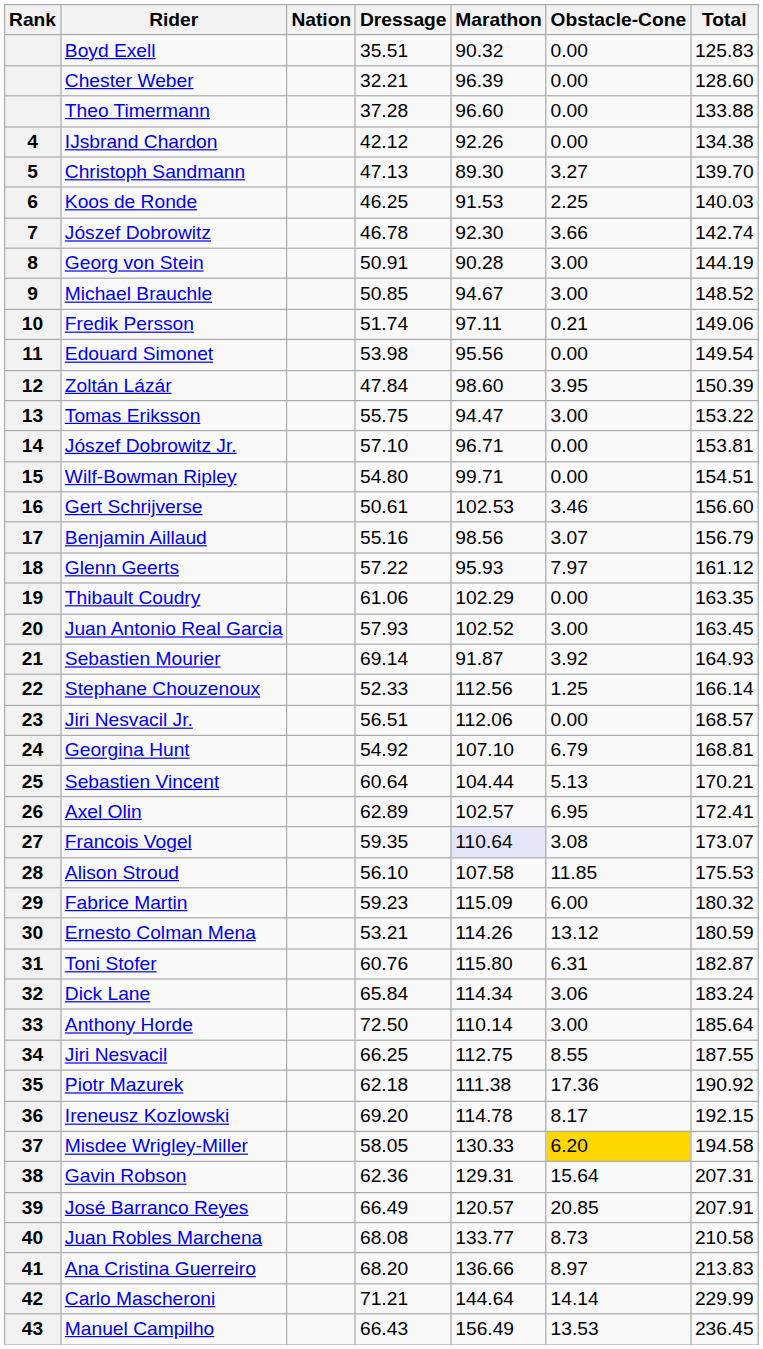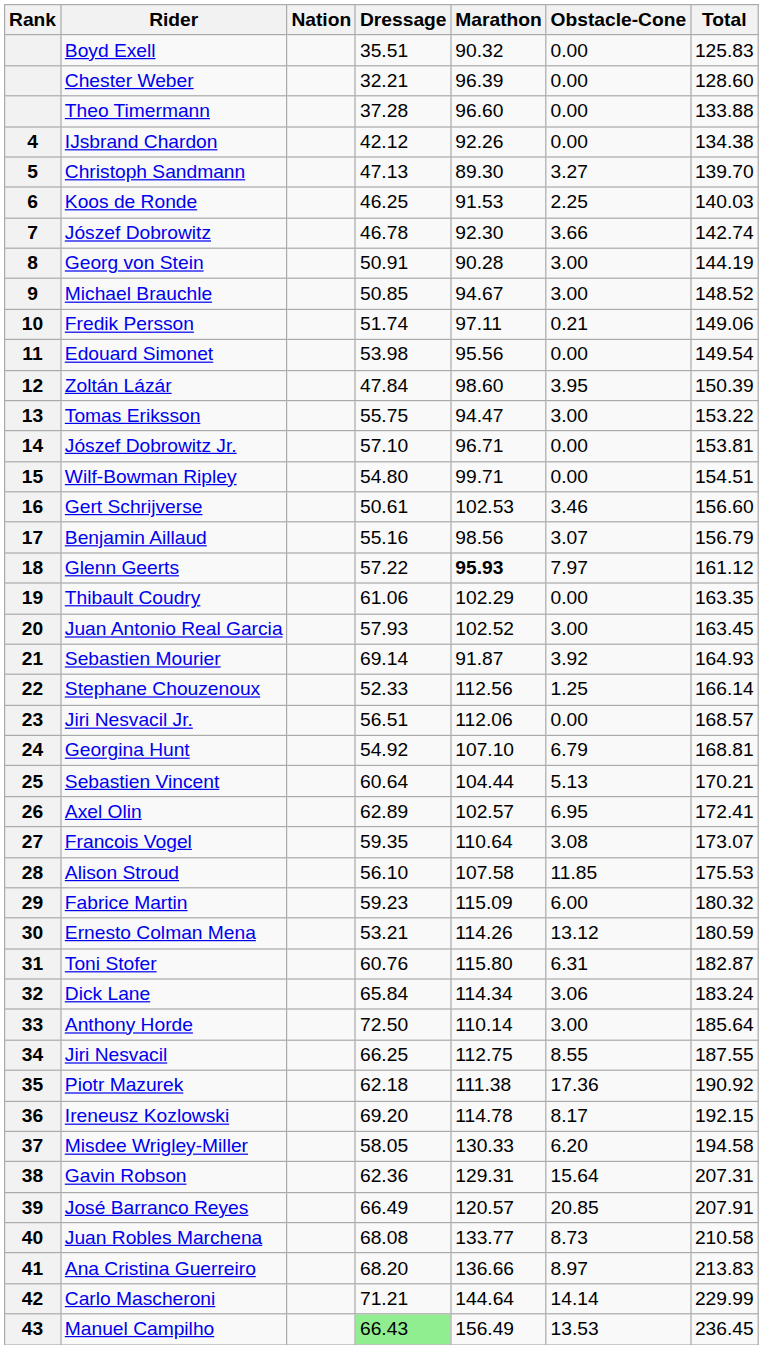 <table class="wikitable sortable">
 <tr>
 <th>Rank</th>
 <th>Rider</th>
 <th>Nation</th>
 <th>Dressage</th>
 <th>Marathon</th>
 <th>Obstacle-Cone</th>
 <th>Total</th>
 </tr>
 <tr>
 <th></th>
 <td><a href='#'>Boyd Exell</a></td>
 <td></td>
 <td>35.51</td>
 <td>90.32</td>
 <td>0.00</td>
 <td>125.83</td>
 </tr>
 <tr>
 <th></th>
 <td><a href='#'>Chester Weber</a></td>
 <td></td>
 <td>32.21</td>
 <td>96.39</td>
 <td>0.00</td>
 <td>128.60</td>
 </tr>
 <tr>
 <th></th>
 <td><a href='#'>Theo Timermann</a></td>
 <td></td>
 <td>37.28</td>
 <td>96.60</td>
 <td>0.00</td>
 <td>133.88</td>
 </tr>
 <tr>
 <th>4</th>
 <td><a href='#'>IJsbrand Chardon</a></td>
 <td></td>
 <td>42.12</td>
 <td>92.26</td>
 <td>0.00</td>
 <td>134.38</td>
 </tr>
 <tr>
 <th>5</th>
 <td><a href='#'>Christoph Sandmann</a></td>
 <td></td>
 <td>47.13</td>
 <td>89.30</td>
 <td>3.27</td>
 <td>139.70</td>
 </tr>
 <tr>
 <th>6</th>
 <td><a href='#'>Koos de Ronde</a></td>
 <td></td>
 <td>46.25</td>
 <td>91.53</td>
 <td>2.25</td>
 <td>140.03</td>
 </tr>
 <tr>
 <th>7</th>
 <td><a href='#'>Jószef Dobrowitz</a></td>
 <td></td>
 <td>46.78</td>
 <td>92.30</td>
 <td>3.66</td>
 <td>142.74</td>
 </tr>
 <tr>
 <th>8</th>
 <td><a href='#'>Georg von Stein</a></td>
 <td></td>
 <td>50.91</td>
 <td>90.28</td>
 <td>3.00</td>
 <td>144.19</td>
 </tr>
 <tr>
 <th>9</th>
 <td><a href='#'>Michael Brauchle</a></td>
 <td></td>
 <td>50.85</td>
 <td>94.67</td>
 <td>3.00</td>
 <td>148.52</td>
 </tr>
 <tr>
 <th>10</th>
 <td><a href='#'>Fredik Persson</a></td>
 <td></td>
 <td>51.74</td>
 <td>97.11</td>
 <td>0.21</td>
 <td>149.06</td>
 </tr>
 <tr>
 <th>11</th>
 <td><a href='#'>Edouard Simonet</a></td>
 <td></td>
 <td>53.98</td>
 <td>95.56</td>
 <td>0.00</td>
 <td>149.54</td>
 </tr>
 <tr>
 <th>12</th>
 <td><a href='#'>Zoltán Lázár</a></td>
 <td></td>
 <td>47.84</td>
 <td>98.60</td>
 <td>3.95</td>
 <td>150.39</td>
 </tr>
 <tr>
 <th>13</th>
 <td><a href='#'>Tomas Eriksson</a></td>
 <td></td>
 <td>55.75</td>
 <td>94.47</td>
 <td>3.00</td>
 <td>153.22</td>
 </tr>
 <tr>
 <th>14</th>
 <td><a href='#'>Jószef Dobrowitz Jr.</a></td>
 <td></td>
 <td>57.10</td>
 <td>96.71</td>
 <td>0.00</td>
 <td>153.81</td>
 </tr>
 <tr>
 <th>15</th>
 <td><a href='#'>Wilf-Bowman Ripley</a></td>
 <td></td>
 <td>54.80</td>
 <td>99.71</td>
 <td>0.00</td>
 <td>154.51</td>
 </tr>
 <tr>
 <th>16</th>
 <td><a href='#'>Gert Schrijverse</a></td>
 <td></td>
 <td>50.61</td>
 <td>102.53</td>
 <td>3.46</td>
 <td>156.60</td>
 </tr>
 <tr>
 <th>17</th>
 <td><a href='#'>Benjamin Aillaud</a></td>
 <td></td>
 <td>55.16</td>
 <td>98.56</td>
 <td>3.07</td>
 <td>156.79</td>
 </tr>
 <tr>
 <th>18</th>
 <td><a href='#'>Glenn Geerts</a></td>
 <td></td>
 <td>57.22</td>
-<td>95.93</td>
+<td><strong>95.93</strong></td>
 <td>7.97</td>
 <td>161.12</td>
 </tr>
 <tr>
 <th>19</th>
 <td><a href='#'>Thibault Coudry</a></td>
 <td></td>
 <td>61.06</td>
 <td>102.29</td>
 <td>0.00</td>
 <td>163.35</td>
 </tr>
 <tr>
 <th>20</th>
 <td><a href='#'>Juan Antonio Real Garcia</a></td>
 <td></td>
 <td>57.93</td>
 <td>102.52</td>
 <td>3.00</td>
 <td>163.45</td>
 </tr>
 <tr>
 <th>21</th>
 <td><a href='#'>Sebastien Mourier</a></td>
 <td></td>
 <td>69.14</td>
 <td>91.87</td>
 <td>3.92</td>
 <td>164.93</td>
 </tr>
 <tr>
 <th>22</th>
 <td><a href='#'>Stephane Chouzenoux</a></td>
 <td></td>
 <td>52.33</td>
 <td>112.56</td>
 <td>1.25</td>
 <td>166.14</td>
 </tr>
 <tr>
 <th>23</th>
 <td><a href='#'>Jiri Nesvacil Jr.</a></td>
 <td></td>
 <td>56.51</td>
 <td>112.06</td>
 <td>0.00</td>
 <td>168.57</td>
 </tr>
 <tr>
 <th>24</th>
 <td><a href='#'>Georgina Hunt</a></td>
 <td></td>
 <td>54.92</td>
 <td>107.10</td>
 <td>6.79</td>
 <td>168.81</td>
 </tr>
 <tr>
 <th>25</th>
 <td><a href='#'>Sebastien Vincent</a></td>
 <td></td>
 <td>60.64</td>
 <td>104.44</td>
 <td>5.13</td>
 <td>170.21</td>
 </tr>
 <tr>
 <th>26</th>
 <td><a href='#'>Axel Olin</a></td>
 <td></td>
 <td>62.89</td>
 <td>102.57</td>
 <td>6.95</td>
 <td>172.41</td>
 </tr>
 <tr>
 <th>27</th>
 <td><a href='#'>Francois Vogel</a></td>
 <td></td>
 <td>59.35</td>
-<td style="background: lavender;">110.64</td>
+<td>110.64</td>
 <td>3.08</td>
 <td>173.07</td>
 </tr>
 <tr>
 <th>28</th>
 <td><a href='#'>Alison Stroud</a></td>
 <td></td>
 <td>56.10</td>
 <td>107.58</td>
 <td>11.85</td>
 <td>175.53</td>
 </tr>
 <tr>
 <th>29</th>
 <td><a href='#'>Fabrice Martin</a></td>
 <td></td>
 <td>59.23</td>
 <td>115.09</td>
 <td>6.00</td>
 <td>180.32</td>
 </tr>
 <tr>
 <th>30</th>
 <td><a href='#'>Ernesto Colman Mena</a></td>
 <td></td>
 <td>53.21</td>
 <td>114.26</td>
 <td>13.12</td>
 <td>180.59</td>
 </tr>
 <tr>
 <th>31</th>
 <td><a href='#'>Toni Stofer</a></td>
 <td></td>
 <td>60.76</td>
 <td>115.80</td>
 <td>6.31</td>
 <td>182.87</td>
 </tr>
 <tr>
 <th>32</th>
 <td><a href='#'>Dick Lane</a></td>
 <td></td>
 <td>65.84</td>
 <td>114.34</td>
 <td>3.06</td>
 <td>183.24</td>
 </tr>
 <tr>
 <th>33</th>
 <td><a href='#'>Anthony Horde</a></td>
 <td></td>
 <td>72.50</td>
 <td>110.14</td>
 <td>3.00</td>
 <td>185.64</td>
 </tr>
 <tr>
 <th>34</th>
 <td><a href='#'>Jiri Nesvacil</a></td>
 <td></td>
 <td>66.25</td>
 <td>112.75</td>
 <td>8.55</td>
 <td>187.55</td>
 </tr>
 <tr>
 <th>35</th>
 <td><a href='#'>Piotr Mazurek</a></td>
 <td></td>
 <td>62.18</td>
 <td>111.38</td>
 <td>17.36</td>
 <td>190.92</td>
 </tr>
 <tr>
 <th>36</th>
 <td><a href='#'>Ireneusz Kozlowski</a></td>
 <td></td>
 <td>69.20</td>
 <td>114.78</td>
 <td>8.17</td>
 <td>192.15</td>
 </tr>
 <tr>
 <th>37</th>
 <td><a href='#'>Misdee Wrigley-Miller</a></td>
 <td></td>
 <td>58.05</td>
 <td>130.33</td>
-<td style="background: gold;">6.20</td>
+<td>6.20</td>
 <td>194.58</td>
 </tr>
 <tr>
 <th>38</th>
 <td><a href='#'>Gavin Robson</a></td>
 <td></td>
 <td>62.36</td>
 <td>129.31</td>
 <td>15.64</td>
 <td>207.31</td>
 </tr>
 <tr>
 <th>39</th>
 <td><a href='#'>José Barranco Reyes</a></td>
 <td></td>
 <td>66.49</td>
 <td>120.57</td>
 <td>20.85</td>
 <td>207.91</td>
 </tr>
 <tr>
 <th>40</th>
 <td><a href='#'>Juan Robles Marchena</a></td>
 <td></td>
 <td>68.08</td>
 <td>133.77</td>
 <td>8.73</td>
 <td>210.58</td>
 </tr>
 <tr>
 <th>41</th>
 <td><a href='#'>Ana Cristina Guerreiro</a></td>
 <td></td>
 <td>68.20</td>
 <td>136.66</td>
 <td>8.97</td>
 <td>213.83</td>
 </tr>
 <tr>
 <th>42</th>
 <td><a href='#'>Carlo Mascheroni</a></td>
 <td></td>
 <td>71.21</td>
 <td>144.64</td>
 <td>14.14</td>
 <td>229.99</td>
 </tr>
 <tr>
 <th>43</th>
 <td><a href='#'>Manuel Campilho</a></td>
 <td></td>
-<td>66.43</td>
+<td style="background: lightgreen;">66.43</td>
 <td>156.49</td>
 <td>13.53</td>
 <td>236.45</td>
 </tr>
 </table>
